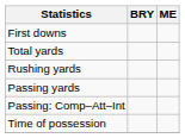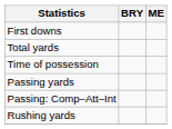 <table class="wikitable" style="float: left;">
 <tr>
 <th>Statistics</th>
 <th>BRY</th>
 <th>ME</th>
 </tr>
 <tr>
 <td>First downs</td>
 <td></td>
 <td></td>
 </tr>
 <tr>
 <td>Total yards</td>
 <td></td>
 <td></td>
 </tr>
 <tr>
-<td>Rushing yards</td>
+<td>Time of possession</td>
 <td></td>
 <td></td>
 </tr>
 <tr>
 <td>Passing yards</td>
 <td></td>
 <td></td>
 </tr>
 <tr>
 <td>Passing: Comp–Att–Int</td>
 <td></td>
 <td></td>
 </tr>
 <tr>
-<td>Time of possession</td>
+<td>Rushing yards</td>
 <td></td>
 <td></td>
 </tr>
 <tr>
 </tr>
 </table>
